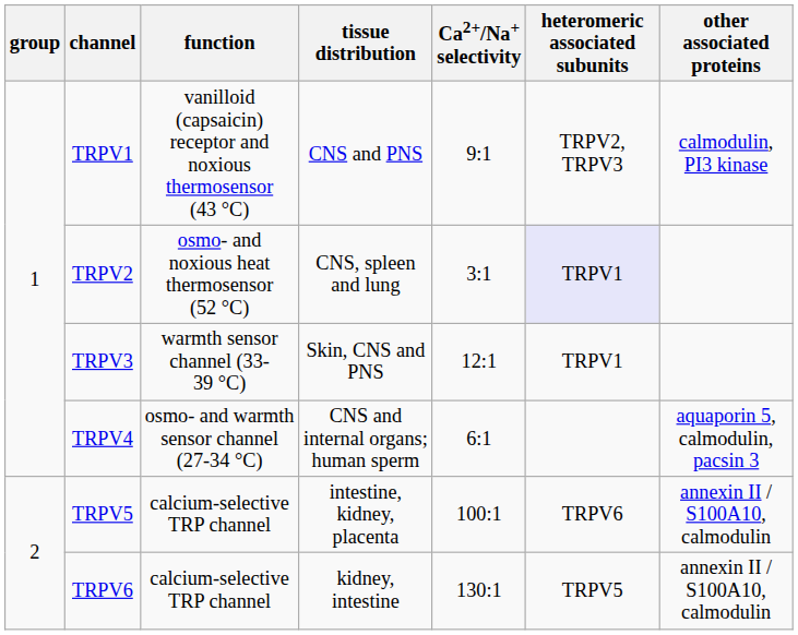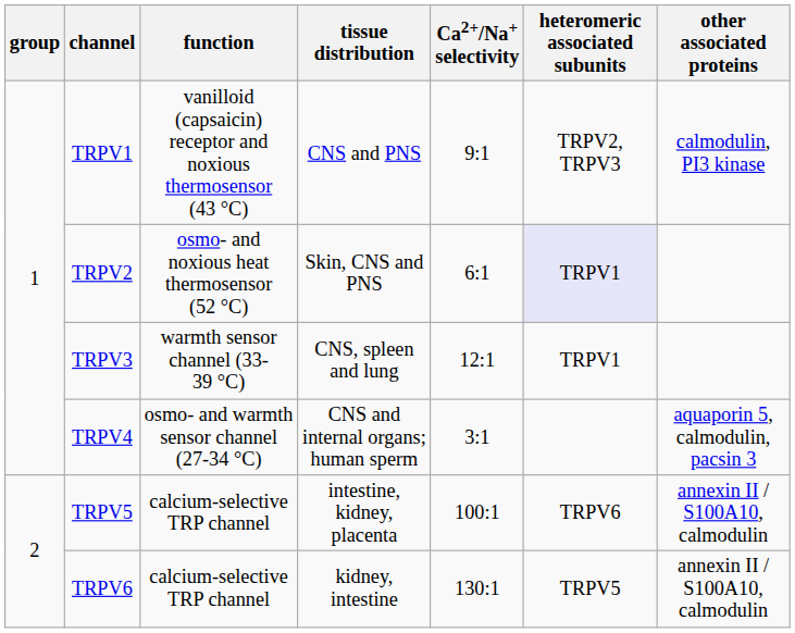 <table class="wikitable" border="1" style="text-align:center">
 <tr>
 <th width="40">group</th>
 <th width="40">channel</th>
 <th width="120">function</th>
 <th width="100">tissue distribution</th>
 <th width="60">Ca<sup>2+</sup>/Na<sup>+</sup><br>selectivity</th>
 <th width="100">heteromeric associated subunits</th>
 <th width="100">other associated proteins</th>
 </tr>
 <tr>
 <td rowspan=4>1</td>
 <td><a href='#'>TRPV1</a></td>
 <td>vanilloid (capsaicin) receptor and noxious <a href='#'>thermosensor</a> (43 °C)</td>
 <td><a href='#'>CNS</a> and <a href='#'>PNS</a></td>
 <td>9:1</td>
 <td>TRPV2, TRPV3</td>
 <td><a href='#'>calmodulin</a>, <a href='#'>PI3 kinase</a></td>
 </tr>
 <tr>
 <td><a href='#'>TRPV2</a></td>
 <td><a href='#'>osmo</a>- and noxious heat thermosensor  (52 °C)</td>
-<td>CNS, spleen and lung</td>
-<td>3:1</td>
+<td>Skin, CNS and PNS</td>
+<td>6:1</td>
 <td style="background: lavender;">TRPV1</td>
 <td></td>
 </tr>
 <tr>
 <td><a href='#'>TRPV3</a></td>
 <td>warmth sensor channel  (33-39 °C)</td>
-<td>Skin, CNS and PNS</td>
+<td>CNS, spleen and lung</td>
 <td>12:1</td>
 <td>TRPV1</td>
 <td></td>
 </tr>
 <tr>
 <td><a href='#'>TRPV4</a></td>
 <td>osmo- and warmth sensor channel (27-34 °C)</td>
 <td>CNS and internal organs;<br>human sperm</td>
-<td>6:1</td>
+<td>3:1</td>
 <td></td>
 <td><a href='#'>aquaporin 5</a>, calmodulin, <a href='#'>pacsin 3</a></td>
 </tr>
 <tr>
 <td rowspan=2>2</td>
 <td><a href='#'>TRPV5</a></td>
 <td>calcium-selective TRP channel</td>
 <td>intestine, kidney, placenta</td>
 <td>100:1</td>
 <td>TRPV6</td>
 <td><a href='#'>annexin II</a> / <a href='#'>S100A10</a>, calmodulin</td>
 </tr>
 <tr>
 <td><a href='#'>TRPV6</a></td>
 <td>calcium-selective TRP channel</td>
 <td>kidney, intestine</td>
 <td>130:1</td>
 <td>TRPV5</td>
 <td>annexin II / S100A10, calmodulin</td>
 </tr>
 </table>
